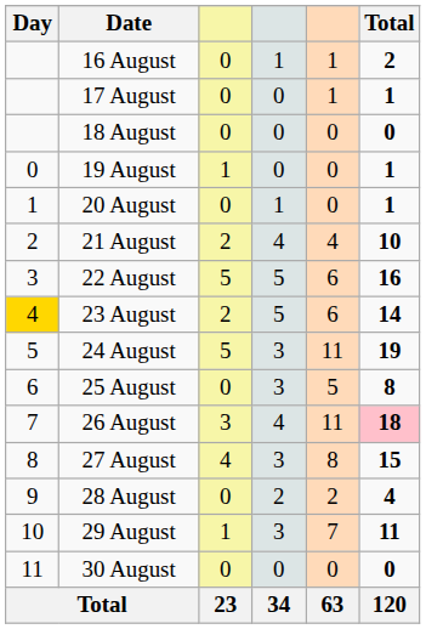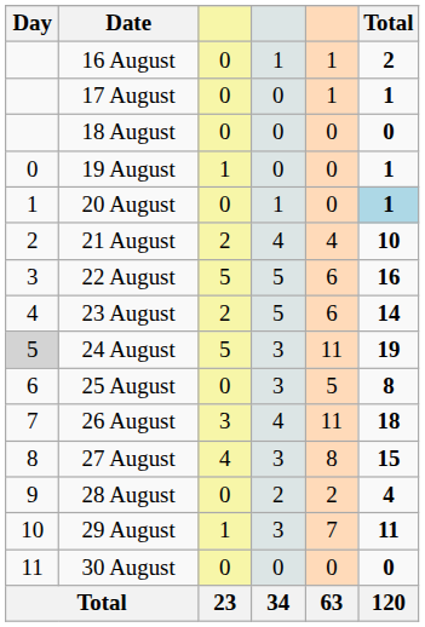 <table class="wikitable" style="font-size:100%; text-align:center;">
 <tr style="background:#efefef;">
 </tr>
 <tr>
 <th width=30>Day</th>
 <th width=90>Date</th>
 <th width=30 style="background:#F7F6A8;"></th>
 <th width=30 style="background:#DCE5E5;"></th>
 <th width=30 style="background:#FFDAB9;"></th>
 <th width=30>Total</th>
 </tr>
 <tr>
 <td></td>
 <td>16 August</td>
 <td style="background:#F7F6A8;">0</td>
 <td style="background:#DCE5E5;">1</td>
 <td style="background:#FFDAB9;">1</td>
 <td><strong>2</strong></td>
 </tr>
 <tr>
 <td></td>
 <td>17 August</td>
 <td style="background:#F7F6A8;">0</td>
 <td style="background:#DCE5E5;">0</td>
 <td style="background:#FFDAB9;">1</td>
 <td><strong>1</strong></td>
 </tr>
 <tr>
 <td></td>
 <td>18 August</td>
 <td style="background:#F7F6A8;">0</td>
 <td style="background:#DCE5E5;">0</td>
 <td style="background:#FFDAB9;">0</td>
 <td><strong>0</strong></td>
 </tr>
 <tr>
 <td>0</td>
 <td>19 August</td>
 <td style="background:#F7F6A8;">1</td>
 <td style="background:#DCE5E5;">0</td>
 <td style="background:#FFDAB9;">0</td>
 <td><strong>1</strong></td>
 </tr>
 <tr>
 <td>1</td>
 <td>20 August</td>
 <td style="background:#F7F6A8;">0</td>
 <td style="background:#DCE5E5;">1</td>
 <td style="background:#FFDAB9;">0</td>
-<td><strong>1</strong></td>
+<td style="background: lightblue;"><strong>1</strong></td>
 </tr>
 <tr>
 <td>2</td>
 <td>21 August</td>
 <td style="background:#F7F6A8;">2</td>
 <td style="background:#DCE5E5;">4</td>
 <td style="background:#FFDAB9;">4</td>
 <td><strong>10</strong></td>
 </tr>
 <tr>
 <td>3</td>
 <td>22 August</td>
 <td style="background:#F7F6A8;">5</td>
 <td style="background:#DCE5E5;">5</td>
 <td style="background:#FFDAB9;">6</td>
 <td><strong>16</strong></td>
 </tr>
 <tr>
-<td style="background: gold;">4</td>
+<td>4</td>
 <td>23 August</td>
 <td style="background:#F7F6A8;">2</td>
 <td style="background:#DCE5E5;">5</td>
 <td style="background:#FFDAB9;">6</td>
 <td><strong>14</strong></td>
 </tr>
 <tr>
-<td>5</td>
+<td style="background: lightgrey;">5</td>
 <td>24 August</td>
 <td style="background:#F7F6A8;">5</td>
 <td style="background:#DCE5E5;">3</td>
 <td style="background:#FFDAB9;">11</td>
 <td><strong>19</strong></td>
 </tr>
 <tr>
 <td>6</td>
 <td>25 August</td>
 <td style="background:#F7F6A8;">0</td>
 <td style="background:#DCE5E5;">3</td>
 <td style="background:#FFDAB9;">5</td>
 <td><strong>8</strong></td>
 </tr>
 <tr>
 <td>7</td>
 <td>26 August</td>
 <td style="background:#F7F6A8;">3</td>
 <td style="background:#DCE5E5;">4</td>
 <td style="background:#FFDAB9;">11</td>
-<td style="background: pink;"><strong>18</strong></td>
+<td><strong>18</strong></td>
 </tr>
 <tr>
 <td>8</td>
 <td>27 August</td>
 <td style="background:#F7F6A8;">4</td>
 <td style="background:#DCE5E5;">3</td>
 <td style="background:#FFDAB9;">8</td>
 <td><strong>15</strong></td>
 </tr>
 <tr>
 <td>9</td>
 <td>28 August</td>
 <td style="background:#F7F6A8;">0</td>
 <td style="background:#DCE5E5;">2</td>
 <td style="background:#FFDAB9;">2</td>
 <td><strong>4</strong></td>
 </tr>
 <tr>
 <td>10</td>
 <td>29 August</td>
 <td style="background:#F7F6A8;">1</td>
 <td style="background:#DCE5E5;">3</td>
 <td style="background:#FFDAB9;">7</td>
 <td><strong>11</strong></td>
 </tr>
 <tr>
 <td>11</td>
 <td>30 August</td>
 <td style="background:#F7F6A8;">0</td>
 <td style="background:#DCE5E5;">0</td>
 <td style="background:#FFDAB9;">0</td>
 <td><strong>0</strong></td>
 </tr>
 <tr>
 <th colspan="2">Total</th>
 <th>23</th>
 <th>34</th>
 <th>63</th>
 <th>120</th>
 </tr>
 </table>
